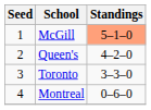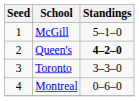 <table class="wikitable">
 <tr>
 <th>Seed</th>
 <th>School</th>
 <th>Standings</th>
 </tr>
 <tr>
 <td align=center>1</td>
 <td><a href='#'>McGill</a></td>
-<td align=center style="background: lightsalmon;">5–1–0</td>
+<td align=center>5–1–0</td>
 </tr>
 <tr>
 <td align=center>2</td>
 <td><a href='#'>Queen's</a></td>
-<td align=center>4–2–0</td>
+<td align=center><strong>4–2–0</strong></td>
 </tr>
 <tr>
 <td align=center>3</td>
 <td><a href='#'>Toronto</a></td>
 <td align=center>3–3–0</td>
 </tr>
 <tr>
 <td align=center>4</td>
 <td><a href='#'>Montreal</a></td>
 <td align=center>0–6–0</td>
 </tr>
 <tr>
 </tr>
 </table>
